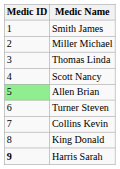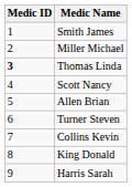 <table class="wikitable">
 <tr>
 <th>Medic ID</th>
 <th>Medic Name</th>
 </tr>
 <tr>
 <td>1</td>
 <td>Smith James</td>
 </tr>
 <tr>
 <td>2</td>
 <td>Miller Michael</td>
 </tr>
 <tr>
-<td>3</td>
+<td><strong>3</strong></td>
 <td>Thomas Linda</td>
 </tr>
 <tr>
 <td>4</td>
 <td>Scott Nancy</td>
 </tr>
 <tr>
-<td style="background: lightgreen;">5</td>
+<td>5</td>
 <td>Allen Brian</td>
 </tr>
 <tr>
 <td>6</td>
 <td>Turner Steven</td>
 </tr>
 <tr>
 <td>7</td>
 <td>Collins Kevin</td>
 </tr>
 <tr>
 <td>8</td>
 <td>King Donald</td>
 </tr>
 <tr>
-<td><strong>9</strong></td>
+<td>9</td>
 <td>Harris Sarah</td>
 </tr>
 </table>
